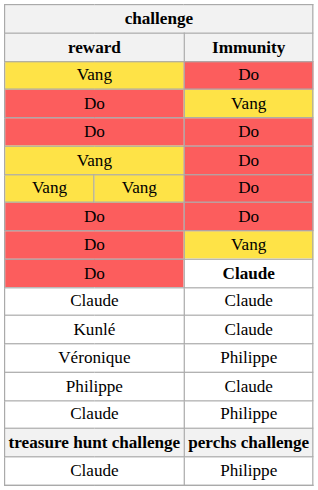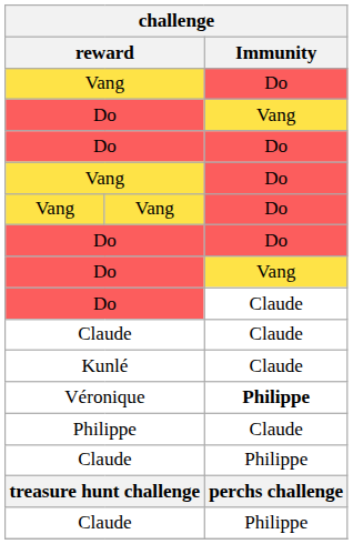 <table class="wikitable" style="font-size:90%;">
 <tr>
 <th colspan="3">challenge</th>
 </tr>
 <tr>
 <th colspan="2">reward</th>
 <th>Immunity</th>
 </tr>
 <tr>
 <td colspan="2" align=center bgcolor="#FEE347">Vang</td>
 <td align=center bgcolor="#FC5D5D">Do</td>
 </tr>
 <tr>
 <td colspan="2" align=center bgcolor="#FC5D5D">Do</td>
 <td align=center align=center bgcolor="#FEE347">Vang</td>
 </tr>
 <tr>
 <td colspan="2" align=center bgcolor="#FC5D5D">Do</td>
 <td align=center bgcolor="#FC5D5D">Do</td>
 </tr>
 <tr>
 <td colspan="2" align=center bgcolor="#FEE347">Vang</td>
 <td align=center bgcolor="#FC5D5D">Do</td>
 </tr>
 <tr>
 <td align=center bgcolor="#FEE347">Vang</td>
 <td align=center bgcolor="#FEE347">Vang</td>
 <td align=center bgcolor="#FC5D5D">Do</td>
 </tr>
 <tr>
 <td colspan="2" align=center bgcolor="#FC5D5D">Do</td>
 <td align=center bgcolor="#FC5D5D">Do</td>
 </tr>
 <tr>
 <td colspan="2" align=center bgcolor="#FC5D5D">Do</td>
 <td align=center bgcolor="#FEE347">Vang</td>
 </tr>
 <tr>
 <td colspan="2" align=center bgcolor="#FC5D5D">Do</td>
-<td align=center bgcolor="white"><strong>Claude</strong></td>
+<td align=center bgcolor="white">Claude</td>
 </tr>
 <tr>
 <td colspan="2" align=center bgcolor="white">Claude</td>
 <td align=center bgcolor="white">Claude</td>
 </tr>
 <tr>
 <td colspan="2" align=center bgcolor="white">Kunlé</td>
 <td align=center bgcolor="white">Claude</td>
 </tr>
 <tr>
 <td colspan="2" align=center bgcolor="white">Véronique</td>
-<td align=center bgcolor="white">Philippe</td>
+<td align=center bgcolor="white"><strong>Philippe</strong></td>
 </tr>
 <tr>
 <td colspan="2" align=center bgcolor="white">Philippe</td>
 <td align=center bgcolor="white">Claude</td>
 </tr>
 <tr>
 <td colspan="2" align=center bgcolor="white">Claude</td>
 <td align=center bgcolor="white">Philippe</td>
 </tr>
 <tr>
 <th colspan="2" align=center>treasure hunt challenge</th>
 <th align=center>perchs challenge</th>
 </tr>
 <tr>
 <td colspan="2" align=center bgcolor="white">Claude</td>
 <td align=center bgcolor="white">Philippe</td>
 </tr>
 <tr>
 </tr>
 </table>
